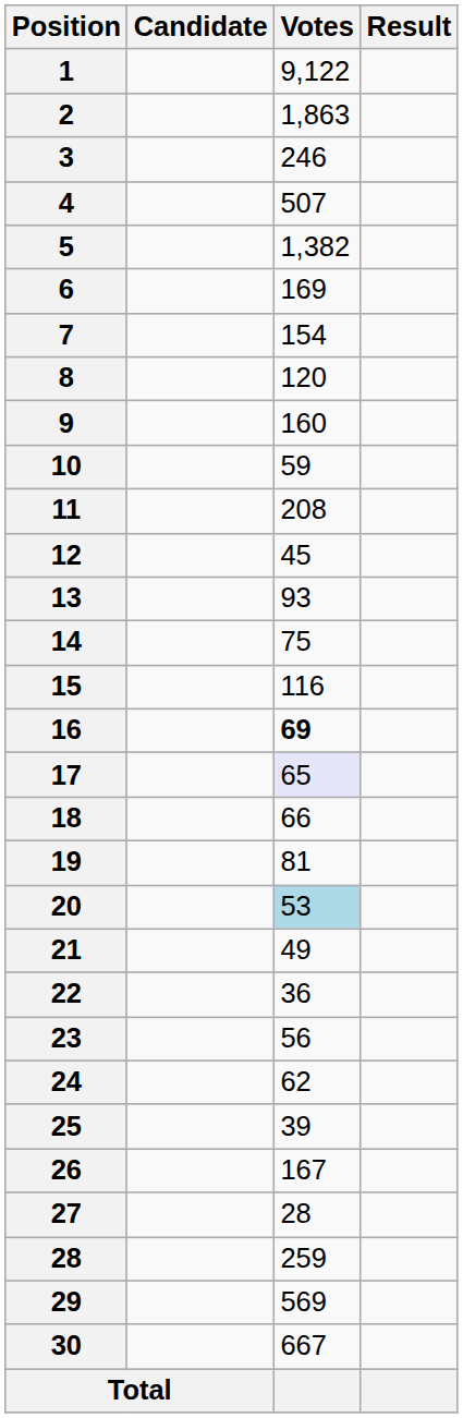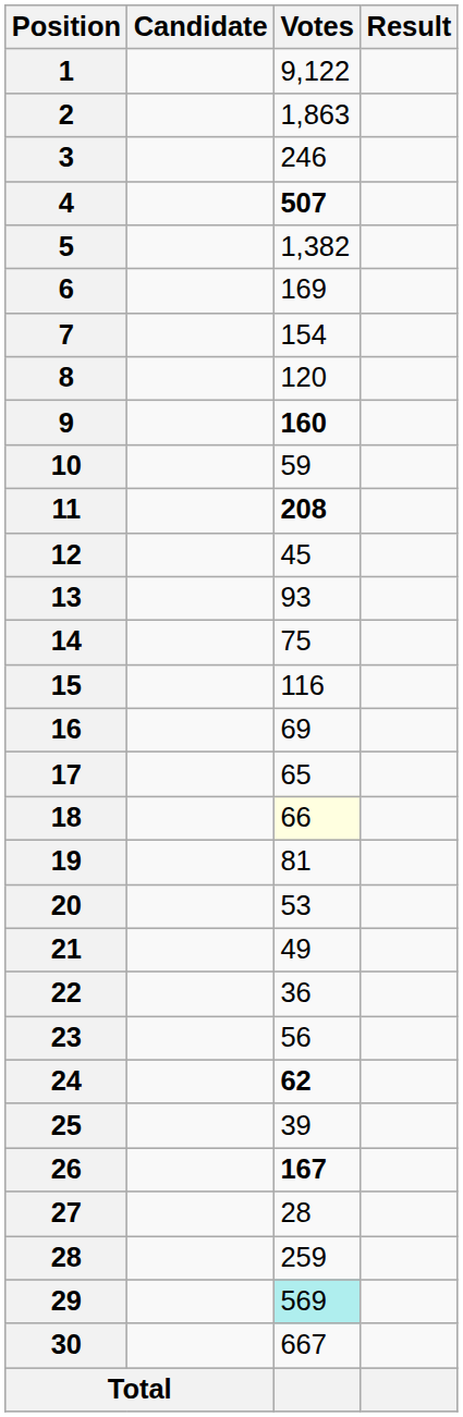 <table class="wikitable sortable col3right">
 <tr>
 <th scope="col">Position</th>
 <th scope="col">Candidate</th>
 <th scope="col">Votes</th>
 <th scope="col">Result</th>
 </tr>
 <tr>
 <th scope="row">1</th>
 <td></td>
 <td>9,122</td>
 <td></td>
 </tr>
 <tr>
 <th scope="row">2</th>
 <td></td>
 <td>1,863</td>
 <td></td>
 </tr>
 <tr>
 <th scope="row">3</th>
 <td></td>
 <td>246</td>
 <td></td>
 </tr>
 <tr>
 <th scope="row">4</th>
 <td></td>
-<td>507</td>
+<td><strong>507</strong></td>
 <td></td>
 </tr>
 <tr>
 <th scope="row">5</th>
 <td></td>
 <td>1,382</td>
 <td></td>
 </tr>
 <tr>
 <th scope="row">6</th>
 <td></td>
 <td>169</td>
 <td></td>
 </tr>
 <tr>
 <th scope="row">7</th>
 <td></td>
 <td>154</td>
 <td></td>
 </tr>
 <tr>
 <th scope="row">8</th>
 <td></td>
 <td>120</td>
 <td></td>
 </tr>
 <tr>
 <th scope="row">9</th>
 <td></td>
-<td>160</td>
+<td><strong>160</strong></td>
 <td></td>
 </tr>
 <tr>
 <th scope="row">10</th>
 <td></td>
 <td>59</td>
 <td></td>
 </tr>
 <tr>
 <th scope="row">11</th>
 <td></td>
-<td>208</td>
+<td><strong>208</strong></td>
 <td></td>
 </tr>
 <tr>
 <th scope="row">12</th>
 <td></td>
 <td>45</td>
 <td></td>
 </tr>
 <tr>
 <th scope="row">13</th>
 <td></td>
 <td>93</td>
 <td></td>
 </tr>
 <tr>
 <th scope="row">14</th>
 <td></td>
 <td>75</td>
 <td></td>
 </tr>
 <tr>
 <th scope="row">15</th>
 <td></td>
 <td>116</td>
 <td></td>
 </tr>
 <tr>
 <th scope="row">16</th>
 <td></td>
-<td><strong>69</strong></td>
+<td>69</td>
 <td></td>
 </tr>
 <tr>
 <th scope="row">17</th>
 <td></td>
-<td style="background: lavender;">65</td>
+<td>65</td>
 <td></td>
 </tr>
 <tr>
 <th scope="row">18</th>
 <td></td>
-<td>66</td>
+<td style="background: lightyellow;">66</td>
 <td></td>
 </tr>
 <tr>
 <th scope="row">19</th>
 <td></td>
 <td>81</td>
 <td></td>
 </tr>
 <tr>
 <th scope="row">20</th>
 <td></td>
-<td style="background: lightblue;">53</td>
+<td>53</td>
 <td></td>
 </tr>
 <tr>
 <th scope="row">21</th>
 <td></td>
 <td>49</td>
 <td></td>
 </tr>
 <tr>
 <th scope="row">22</th>
 <td></td>
 <td>36</td>
 <td></td>
 </tr>
 <tr>
 <th scope="row">23</th>
 <td></td>
 <td>56</td>
 <td></td>
 </tr>
 <tr>
 <th scope="row">24</th>
 <td></td>
-<td>62</td>
+<td><strong>62</strong></td>
 <td></td>
 </tr>
 <tr>
 <th scope="row">25</th>
 <td></td>
 <td>39</td>
 <td></td>
 </tr>
 <tr>
 <th scope="row">26</th>
 <td></td>
-<td>167</td>
+<td><strong>167</strong></td>
 <td></td>
 </tr>
 <tr>
 <th scope="row">27</th>
 <td></td>
 <td>28</td>
 <td></td>
 </tr>
 <tr>
 <th scope="row">28</th>
 <td></td>
 <td>259</td>
 <td></td>
 </tr>
 <tr>
 <th scope="row">29</th>
 <td></td>
-<td>569</td>
+<td style="background: paleturquoise;">569</td>
 <td></td>
 </tr>
 <tr>
 <th scope="row">30</th>
 <td></td>
 <td>667</td>
 <td></td>
 </tr>
 <tr class="sortbottom">
 <th scope="row" colspan="2">Total</th>
 <th></th>
 <th></th>
 </tr>
 </table>
